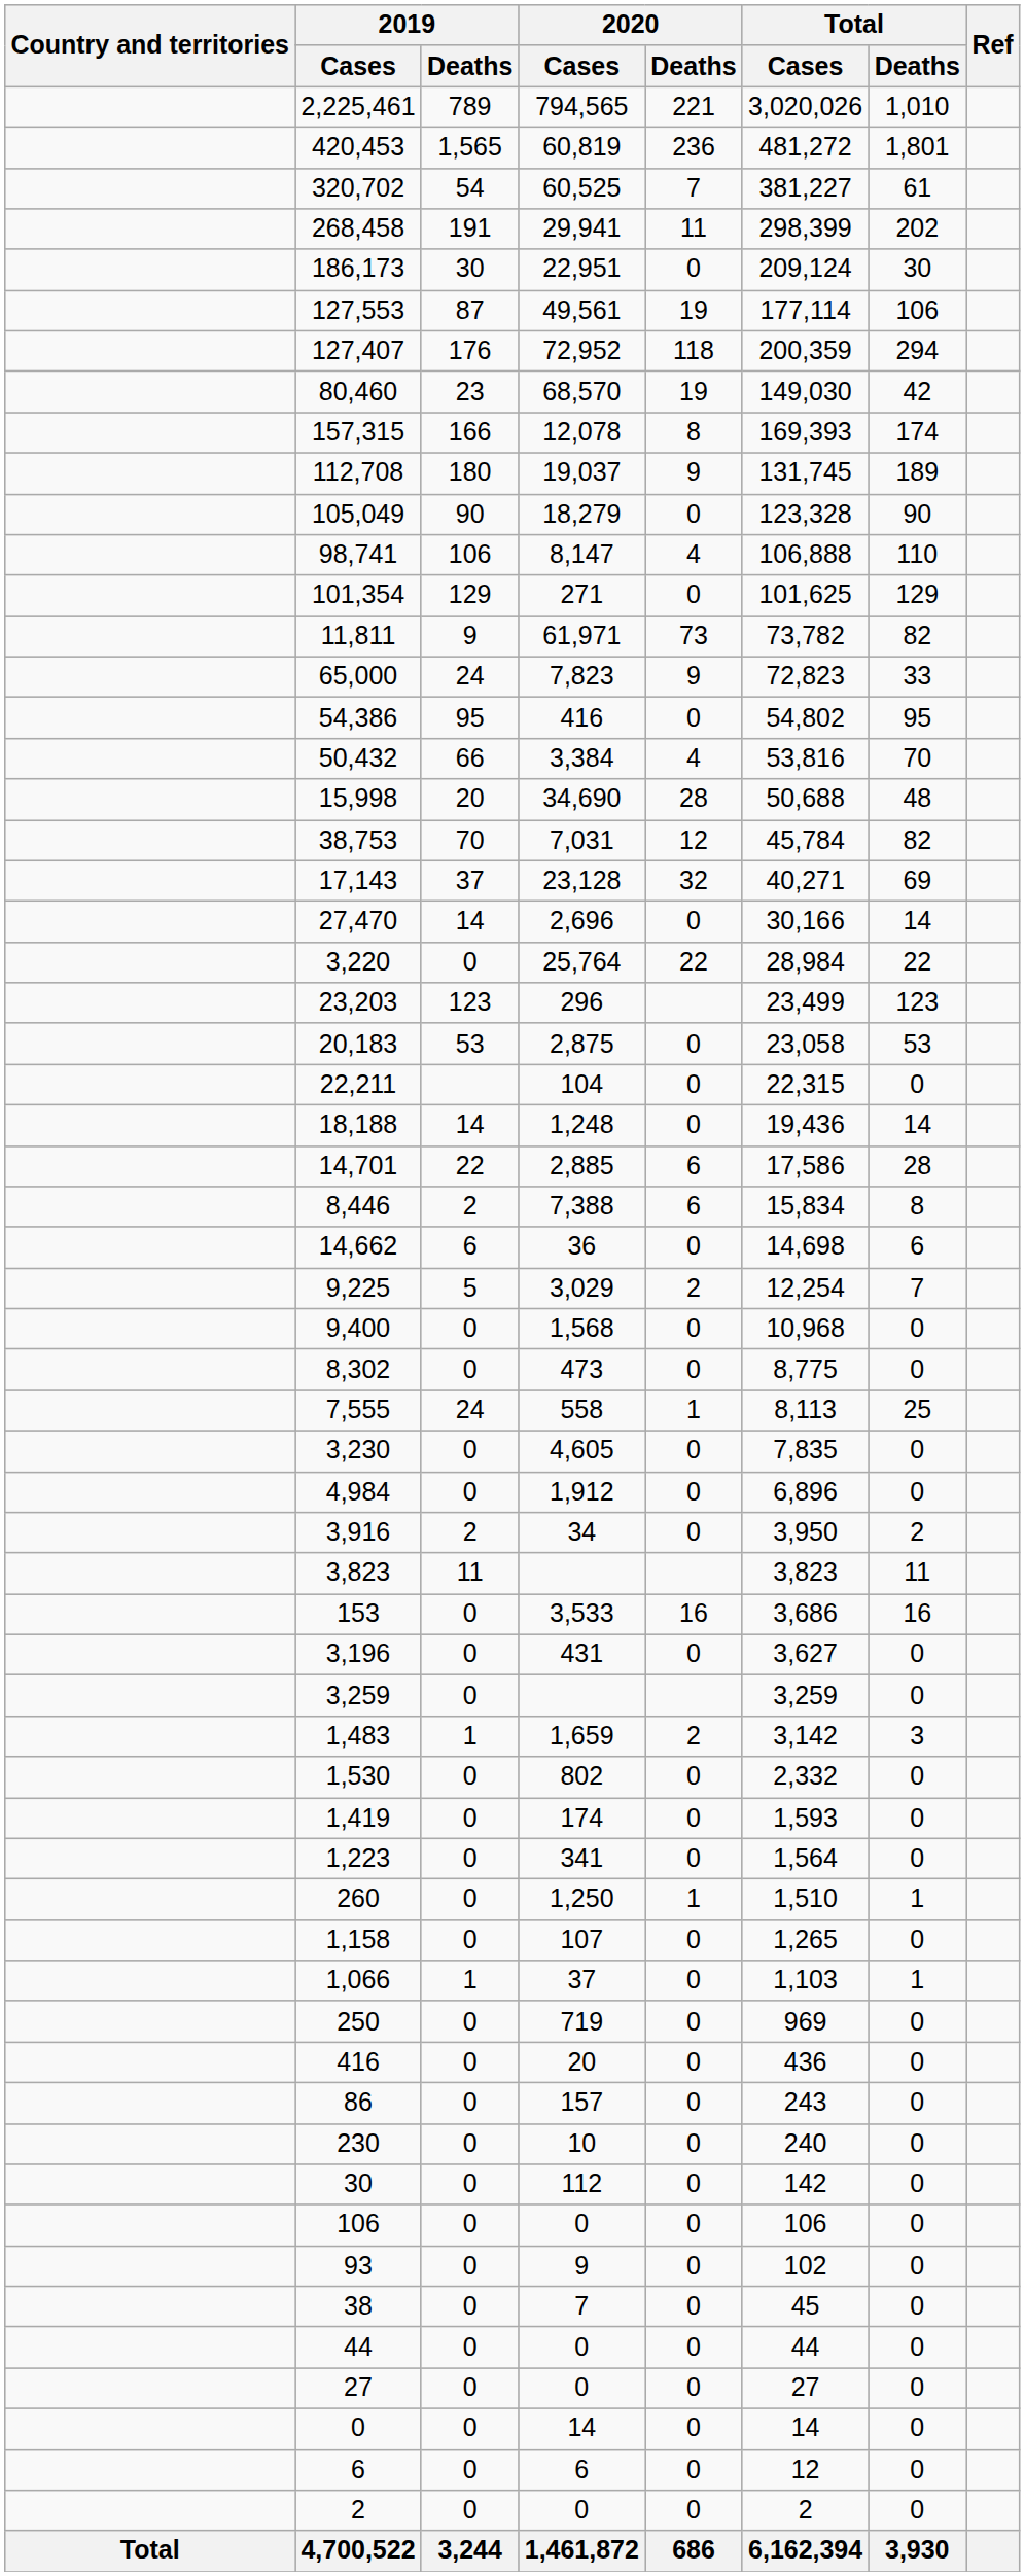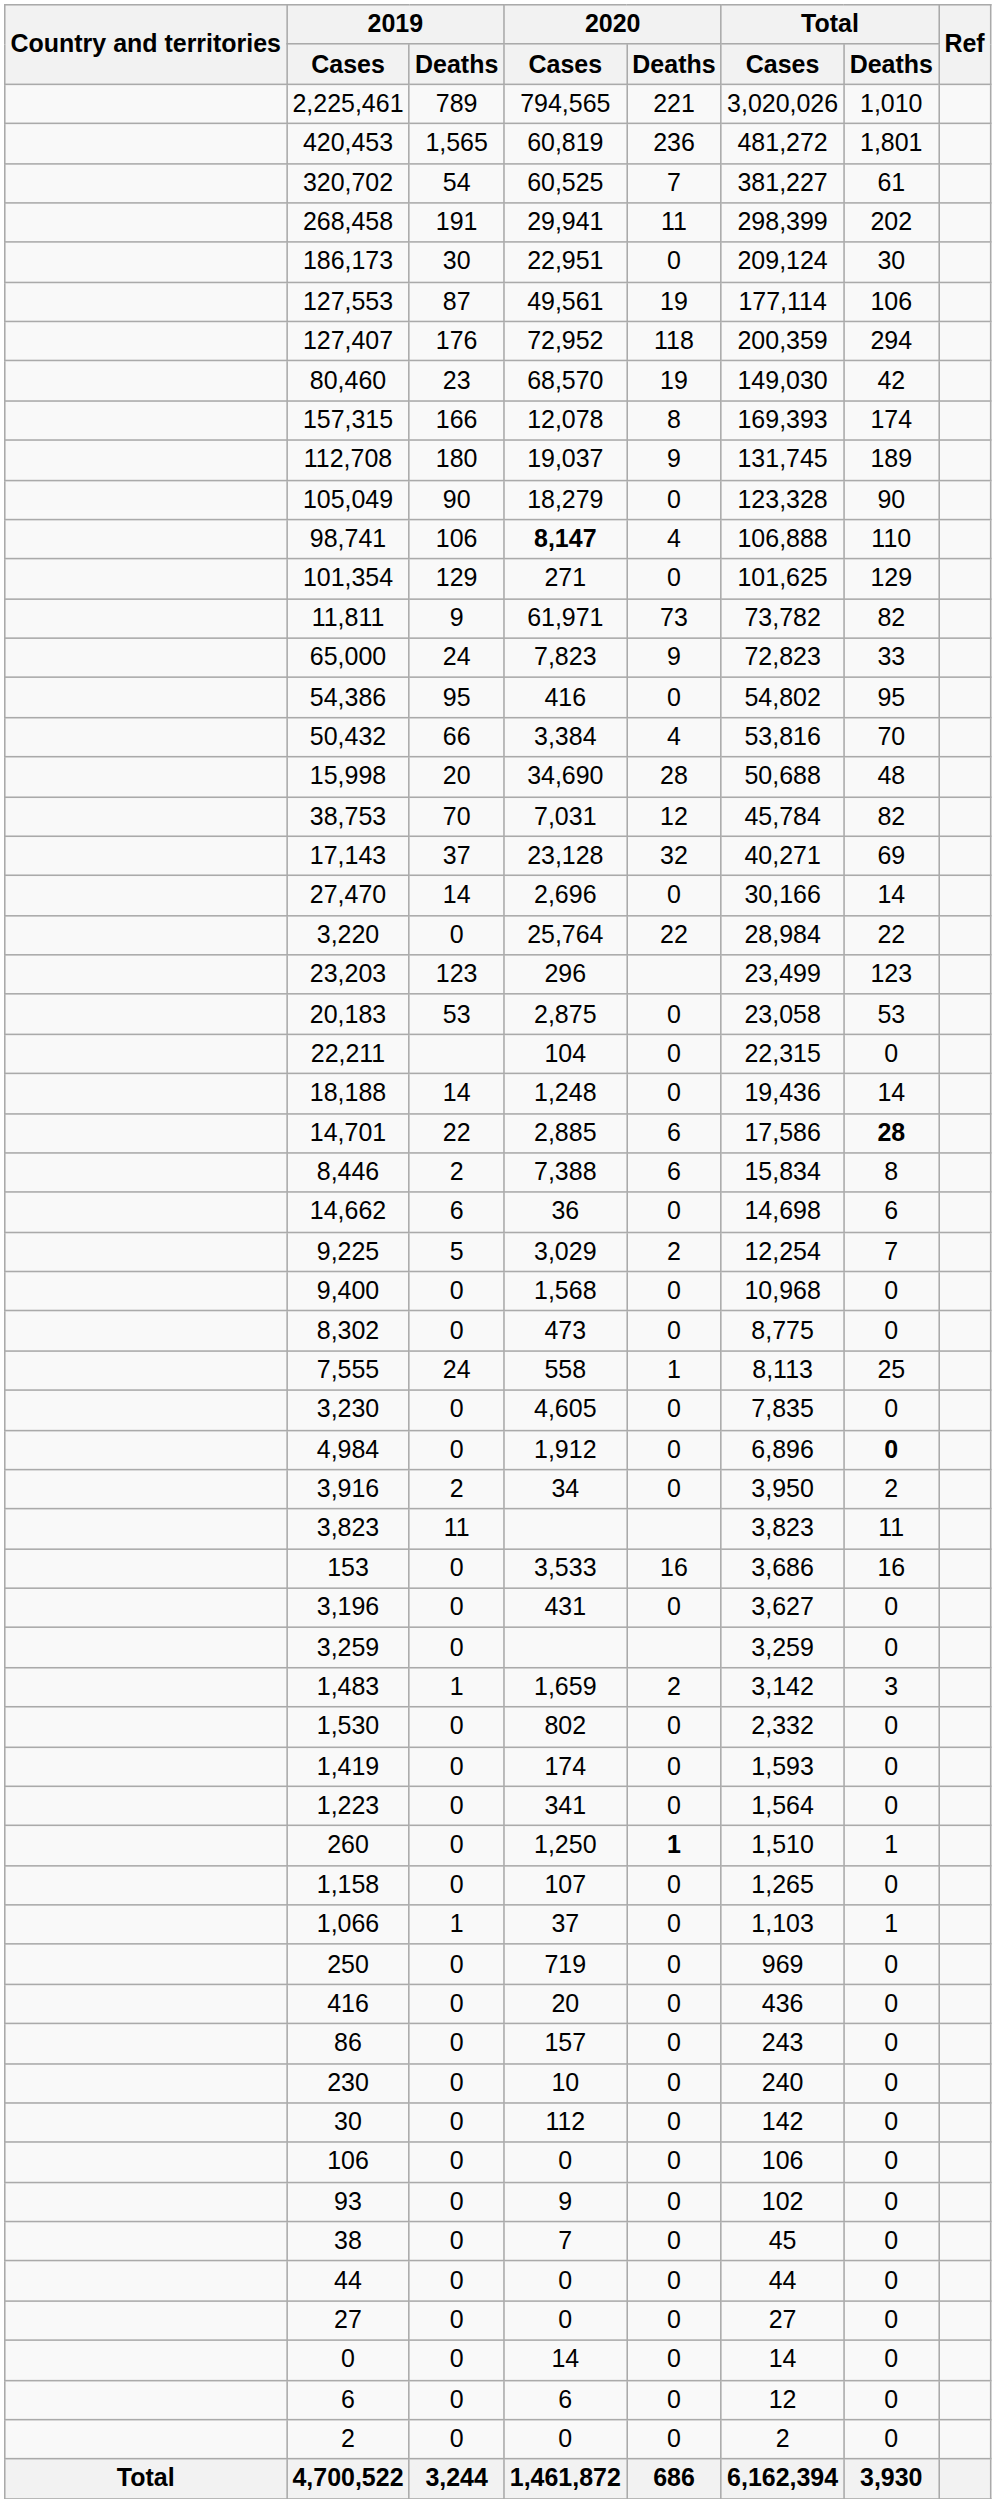 <table class="wikitable sortable mw-collapsible" style="text-align:center;">
 <tr>
 <th rowspan=2>Country and territories</th>
 <th colspan=2>2019<br></th>
 <th colspan=2>2020<br></th>
 <th colspan=2>Total</th>
 <th rowspan=2>Ref</th>
 </tr>
 <tr>
 <th>Cases</th>
 <th>Deaths</th>
 <th>Cases</th>
 <th>Deaths</th>
 <th>Cases</th>
 <th>Deaths</th>
 </tr>
 <tr>
 <td align="left"></td>
 <td>2,225,461</td>
 <td>789</td>
 <td>794,565</td>
 <td>221</td>
 <td>3,020,026</td>
 <td>1,010</td>
 <td></td>
 </tr>
 <tr>
 <td align="left"></td>
 <td>420,453</td>
 <td>1,565</td>
 <td>60,819</td>
 <td>236</td>
 <td>481,272</td>
 <td>1,801</td>
 <td></td>
 </tr>
 <tr>
 <td align="left"></td>
 <td>320,702</td>
 <td>54</td>
 <td>60,525</td>
 <td>7</td>
 <td>381,227</td>
 <td>61</td>
 <td></td>
 </tr>
 <tr>
 <td align="left"></td>
 <td>268,458</td>
 <td>191</td>
 <td>29,941</td>
 <td>11</td>
 <td>298,399</td>
 <td>202</td>
 <td></td>
 </tr>
 <tr>
 <td align="left"></td>
 <td>186,173</td>
 <td>30</td>
 <td>22,951</td>
 <td>0</td>
 <td>209,124</td>
 <td>30</td>
 <td></td>
 </tr>
 <tr>
 <td align="left"></td>
 <td>127,553</td>
 <td>87</td>
 <td>49,561</td>
 <td>19</td>
 <td>177,114</td>
 <td>106</td>
 <td></td>
 </tr>
 <tr>
 <td align="left"></td>
 <td>127,407</td>
 <td>176</td>
 <td>72,952</td>
 <td>118</td>
 <td>200,359</td>
 <td>294</td>
 <td></td>
 </tr>
 <tr>
 <td align="left"></td>
 <td>80,460</td>
 <td>23</td>
 <td>68,570</td>
 <td>19</td>
 <td>149,030</td>
 <td>42</td>
 <td></td>
 </tr>
 <tr>
 <td align="left"></td>
 <td>157,315</td>
 <td>166</td>
 <td>12,078</td>
 <td>8</td>
 <td>169,393</td>
 <td>174</td>
 <td></td>
 </tr>
 <tr>
 <td align="left"></td>
 <td>112,708</td>
 <td>180</td>
 <td>19,037</td>
 <td>9</td>
 <td>131,745</td>
 <td>189</td>
 <td></td>
 </tr>
 <tr>
 <td align="left"></td>
 <td>105,049</td>
 <td>90</td>
 <td>18,279</td>
 <td>0</td>
 <td>123,328</td>
 <td>90</td>
 <td></td>
 </tr>
 <tr>
 <td align="left"></td>
 <td>98,741</td>
 <td>106</td>
-<td>8,147</td>
+<td><strong>8,147</strong></td>
 <td>4</td>
 <td>106,888</td>
 <td>110</td>
 <td></td>
 </tr>
 <tr>
 <td align="left"></td>
 <td>101,354</td>
 <td>129</td>
 <td>271</td>
 <td>0</td>
 <td>101,625</td>
 <td>129</td>
 <td></td>
 </tr>
 <tr>
 <td align="left"></td>
 <td>11,811</td>
 <td>9</td>
 <td>61,971</td>
 <td>73</td>
 <td>73,782</td>
 <td>82</td>
 <td></td>
 </tr>
 <tr>
 <td align="left"></td>
 <td>65,000</td>
 <td>24</td>
 <td>7,823</td>
 <td>9</td>
 <td>72,823</td>
 <td>33</td>
 <td></td>
 </tr>
 <tr>
 <td align="left"></td>
 <td>54,386</td>
 <td>95</td>
 <td>416</td>
 <td>0</td>
 <td>54,802</td>
 <td>95</td>
 <td></td>
 </tr>
 <tr>
 <td align="left"></td>
 <td>50,432</td>
 <td>66</td>
 <td>3,384</td>
 <td>4</td>
 <td>53,816</td>
 <td>70</td>
 <td></td>
 </tr>
 <tr>
 <td align="left"></td>
 <td>15,998</td>
 <td>20</td>
 <td>34,690</td>
 <td>28</td>
 <td>50,688</td>
 <td>48</td>
 <td></td>
 </tr>
 <tr>
 <td align="left"></td>
 <td>38,753</td>
 <td>70</td>
 <td>7,031</td>
 <td>12</td>
 <td>45,784</td>
 <td>82</td>
 <td></td>
 </tr>
 <tr>
 <td align="left"></td>
 <td>17,143</td>
 <td>37</td>
 <td>23,128</td>
 <td>32</td>
 <td>40,271</td>
 <td>69</td>
 <td></td>
 </tr>
 <tr>
 <td align="left"></td>
 <td>27,470</td>
 <td>14</td>
 <td>2,696</td>
 <td>0</td>
 <td>30,166</td>
 <td>14</td>
 <td></td>
 </tr>
 <tr>
 <td align="left"></td>
 <td>3,220</td>
 <td>0</td>
 <td>25,764</td>
 <td>22</td>
 <td>28,984</td>
 <td>22</td>
 <td></td>
 </tr>
 <tr>
 <td align="left"></td>
 <td>23,203</td>
 <td>123</td>
 <td>296</td>
 <td></td>
 <td>23,499</td>
 <td>123</td>
 <td></td>
 </tr>
 <tr>
 <td align="left"></td>
 <td>20,183</td>
 <td>53</td>
 <td>2,875</td>
 <td>0</td>
 <td>23,058</td>
 <td>53</td>
 <td></td>
 </tr>
 <tr>
 <td align="left"></td>
 <td>22,211</td>
 <td></td>
 <td>104</td>
 <td>0</td>
 <td>22,315</td>
 <td>0</td>
 <td></td>
 </tr>
 <tr>
 <td align="left"></td>
 <td>18,188</td>
 <td>14</td>
 <td>1,248</td>
 <td>0</td>
 <td>19,436</td>
 <td>14</td>
 <td></td>
 </tr>
 <tr>
 <td align="left"></td>
 <td>14,701</td>
 <td>22</td>
 <td>2,885</td>
 <td>6</td>
 <td>17,586</td>
-<td>28</td>
+<td><strong>28</strong></td>
 <td></td>
 </tr>
 <tr>
 <td align="left"></td>
 <td>8,446</td>
 <td>2</td>
 <td>7,388</td>
 <td>6</td>
 <td>15,834</td>
 <td>8</td>
 <td></td>
 </tr>
 <tr>
 <td align="left"></td>
 <td>14,662</td>
 <td>6</td>
 <td>36</td>
 <td>0</td>
 <td>14,698</td>
 <td>6</td>
 <td></td>
 </tr>
 <tr>
 <td align="left"></td>
 <td>9,225</td>
 <td>5</td>
 <td>3,029</td>
 <td>2</td>
 <td>12,254</td>
 <td>7</td>
 <td></td>
 </tr>
 <tr>
 <td align="left"></td>
 <td>9,400</td>
 <td>0</td>
 <td>1,568</td>
 <td>0</td>
 <td>10,968</td>
 <td>0</td>
 <td></td>
 </tr>
 <tr>
 <td align="left"></td>
 <td>8,302</td>
 <td>0</td>
 <td>473</td>
 <td>0</td>
 <td>8,775</td>
 <td>0</td>
 <td></td>
 </tr>
 <tr>
 <td align="left"></td>
 <td>7,555</td>
 <td>24</td>
 <td>558</td>
 <td>1</td>
 <td>8,113</td>
 <td>25</td>
 <td></td>
 </tr>
 <tr>
 <td align="left"></td>
 <td>3,230</td>
 <td>0</td>
 <td>4,605</td>
 <td>0</td>
 <td>7,835</td>
 <td>0</td>
 <td></td>
 </tr>
 <tr>
 <td align="left"></td>
 <td>4,984</td>
 <td>0</td>
 <td>1,912</td>
 <td>0</td>
 <td>6,896</td>
-<td>0</td>
+<td><strong>0</strong></td>
 <td></td>
 </tr>
 <tr>
 <td align="left"></td>
 <td>3,916</td>
 <td>2</td>
 <td>34</td>
 <td>0</td>
 <td>3,950</td>
 <td>2</td>
 <td></td>
 </tr>
 <tr>
 <td align="left"></td>
 <td>3,823</td>
 <td>11</td>
 <td></td>
 <td></td>
 <td>3,823</td>
 <td>11</td>
 <td></td>
 </tr>
 <tr>
 <td align="left"></td>
 <td>153</td>
 <td>0</td>
 <td>3,533</td>
 <td>16</td>
 <td>3,686</td>
 <td>16</td>
 <td></td>
 </tr>
 <tr>
 <td align="left"></td>
 <td>3,196</td>
 <td>0</td>
 <td>431</td>
 <td>0</td>
 <td>3,627</td>
 <td>0</td>
 <td></td>
 </tr>
 <tr>
 <td align="left"></td>
 <td>3,259</td>
 <td>0</td>
 <td></td>
 <td></td>
 <td>3,259</td>
 <td>0</td>
 <td></td>
 </tr>
 <tr>
 <td align="left"></td>
 <td>1,483</td>
 <td>1</td>
 <td>1,659</td>
 <td>2</td>
 <td>3,142</td>
 <td>3</td>
 <td></td>
 </tr>
 <tr>
 <td align="left"></td>
 <td>1,530</td>
 <td>0</td>
 <td>802</td>
 <td>0</td>
 <td>2,332</td>
 <td>0</td>
 <td></td>
 </tr>
 <tr>
 <td align="left"></td>
 <td>1,419</td>
 <td>0</td>
 <td>174</td>
 <td>0</td>
 <td>1,593</td>
 <td>0</td>
 <td></td>
 </tr>
 <tr>
 <td align="left"></td>
 <td>1,223</td>
 <td>0</td>
 <td>341</td>
 <td>0</td>
 <td>1,564</td>
 <td>0</td>
 <td></td>
 </tr>
 <tr>
 <td align="left"></td>
 <td>260</td>
 <td>0</td>
 <td>1,250</td>
-<td>1</td>
+<td><strong>1</strong></td>
 <td>1,510</td>
 <td>1</td>
 <td></td>
 </tr>
 <tr>
 <td align="left"></td>
 <td>1,158</td>
 <td>0</td>
 <td>107</td>
 <td>0</td>
 <td>1,265</td>
 <td>0</td>
 <td></td>
 </tr>
 <tr>
 <td align="left"></td>
 <td>1,066</td>
 <td>1</td>
 <td>37</td>
 <td>0</td>
 <td>1,103</td>
 <td>1</td>
 <td></td>
 </tr>
 <tr>
 <td align="left"></td>
 <td>250</td>
 <td>0</td>
 <td>719</td>
 <td>0</td>
 <td>969</td>
 <td>0</td>
 <td></td>
 </tr>
 <tr>
 <td align="left"></td>
 <td>416</td>
 <td>0</td>
 <td>20</td>
 <td>0</td>
 <td>436</td>
 <td>0</td>
 <td></td>
 </tr>
 <tr>
 <td align="left"></td>
 <td>86</td>
 <td>0</td>
 <td>157</td>
 <td>0</td>
 <td>243</td>
 <td>0</td>
 <td></td>
 </tr>
 <tr>
 <td align="left"></td>
 <td>230</td>
 <td>0</td>
 <td>10</td>
 <td>0</td>
 <td>240</td>
 <td>0</td>
 <td></td>
 </tr>
 <tr>
 <td align="left"></td>
 <td>30</td>
 <td>0</td>
 <td>112</td>
 <td>0</td>
 <td>142</td>
 <td>0</td>
 <td></td>
 </tr>
 <tr>
 <td align="left"></td>
 <td>106</td>
 <td>0</td>
 <td>0</td>
 <td>0</td>
 <td>106</td>
 <td>0</td>
 <td></td>
 </tr>
 <tr>
 <td align="left"></td>
 <td>93</td>
 <td>0</td>
 <td>9</td>
 <td>0</td>
 <td>102</td>
 <td>0</td>
 <td></td>
 </tr>
 <tr>
 <td align="left"></td>
 <td>38</td>
 <td>0</td>
 <td>7</td>
 <td>0</td>
 <td>45</td>
 <td>0</td>
 <td></td>
 </tr>
 <tr>
 <td align="left"></td>
 <td>44</td>
 <td>0</td>
 <td>0</td>
 <td>0</td>
 <td>44</td>
 <td>0</td>
 <td></td>
 </tr>
 <tr>
 <td align="left"></td>
 <td>27</td>
 <td>0</td>
 <td>0</td>
 <td>0</td>
 <td>27</td>
 <td>0</td>
 <td></td>
 </tr>
 <tr>
 <td align="left"></td>
 <td>0</td>
 <td>0</td>
 <td>14</td>
 <td>0</td>
 <td>14</td>
 <td>0</td>
 <td></td>
 </tr>
 <tr>
 <td align="left"></td>
 <td>6</td>
 <td>0</td>
 <td>6</td>
 <td>0</td>
 <td>12</td>
 <td>0</td>
 <td></td>
 </tr>
 <tr>
 <td align="left"></td>
 <td>2</td>
 <td>0</td>
 <td>0</td>
 <td>0</td>
 <td>2</td>
 <td>0</td>
 <td></td>
 </tr>
 <tr>
 <th>Total</th>
 <th>4,700,522</th>
 <th>3,244</th>
 <th>1,461,872</th>
 <th>686</th>
 <th>6,162,394</th>
 <th>3,930</th>
 <th></th>
 </tr>
 <tr>
 </tr>
 </table>
